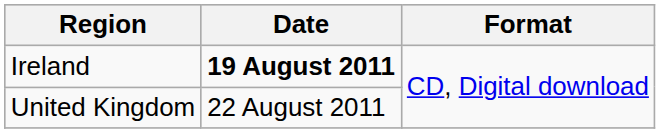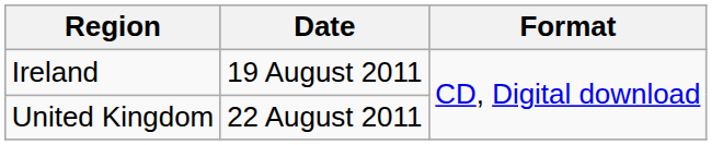 <table class="wikitable">
 <tr>
 <th scope="col">Region</th>
 <th scope="col">Date</th>
 <th scope="col">Format</th>
 </tr>
 <tr>
 <td>Ireland</td>
-<td><strong>19 August 2011</strong></td>
+<td>19 August 2011</td>
 <td rowspan="2"><a href='#'>CD</a>, <a href='#'>Digital download</a></td>
 </tr>
 <tr>
 <td>United Kingdom</td>
 <td>22 August 2011</td>
 </tr>
 </table>
